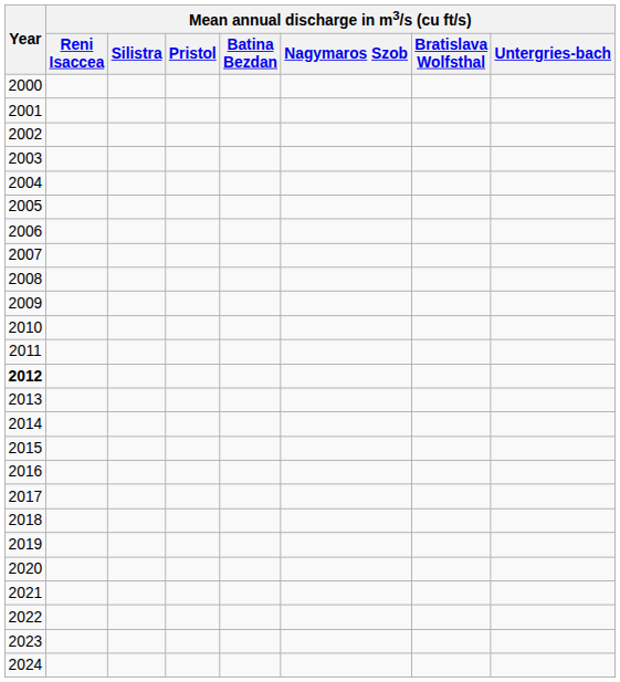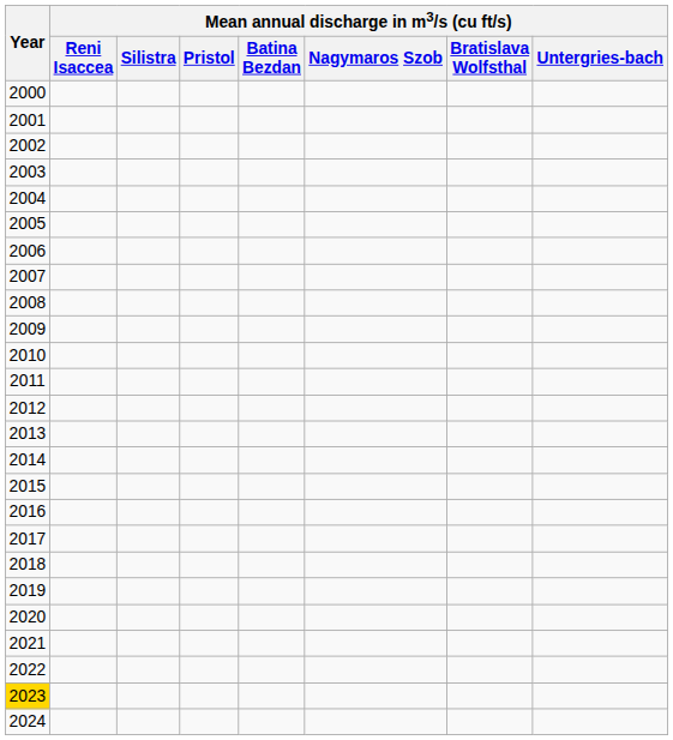 <table class="wikitable" style="text-align:center;">
 <tr>
 <th rowspan="2">Year</th>
 <th colspan="7">Mean annual discharge in m<sup>3</sup>/s (cu ft/s)</th>
 </tr>
 <tr>
 <th><a href='#'>Reni</a><br><a href='#'>Isaccea</a></th>
 <th><a href='#'>Silistra</a></th>
 <th><a href='#'>Pristol</a></th>
 <th><a href='#'>Batina</a><br><a href='#'>Bezdan</a></th>
 <th><a href='#'>Nagymaros</a> <a href='#'>Szob</a></th>
 <th><a href='#'>Bratislava</a><br><a href='#'>Wolfsthal</a></th>
 <th><a href='#'>Untergries-bach</a></th>
 </tr>
 <tr>
 <td>2000</td>
 <td></td>
 <td></td>
 <td></td>
 <td></td>
 <td></td>
 <td></td>
 <td></td>
 </tr>
 <tr>
 <td>2001</td>
 <td></td>
 <td></td>
 <td></td>
 <td></td>
 <td></td>
 <td></td>
 <td></td>
 </tr>
 <tr>
 <td>2002</td>
 <td></td>
 <td></td>
 <td></td>
 <td></td>
 <td></td>
 <td></td>
 <td></td>
 </tr>
 <tr>
 <td>2003</td>
 <td></td>
 <td></td>
 <td></td>
 <td></td>
 <td></td>
 <td></td>
 <td></td>
 </tr>
 <tr>
 <td>2004</td>
 <td></td>
 <td></td>
 <td></td>
 <td></td>
 <td></td>
 <td></td>
 <td></td>
 </tr>
 <tr>
 <td>2005</td>
 <td></td>
 <td></td>
 <td></td>
 <td></td>
 <td></td>
 <td></td>
 <td></td>
 </tr>
 <tr>
 <td>2006</td>
 <td></td>
 <td></td>
 <td></td>
 <td></td>
 <td></td>
 <td></td>
 <td></td>
 </tr>
 <tr>
 <td>2007</td>
 <td></td>
 <td></td>
 <td></td>
 <td></td>
 <td></td>
 <td></td>
 <td></td>
 </tr>
 <tr>
 <td>2008</td>
 <td></td>
 <td></td>
 <td></td>
 <td></td>
 <td></td>
 <td></td>
 <td></td>
 </tr>
 <tr>
 <td>2009</td>
 <td></td>
 <td></td>
 <td></td>
 <td></td>
 <td></td>
 <td></td>
 <td></td>
 </tr>
 <tr>
 <td>2010</td>
 <td></td>
 <td></td>
 <td></td>
 <td></td>
 <td></td>
 <td></td>
 <td></td>
 </tr>
 <tr>
 <td>2011</td>
 <td></td>
 <td></td>
 <td></td>
 <td></td>
 <td></td>
 <td></td>
 <td></td>
 </tr>
 <tr>
-<td><strong>2012</strong></td>
+<td>2012</td>
 <td></td>
 <td></td>
 <td></td>
 <td></td>
 <td></td>
 <td></td>
 <td></td>
 </tr>
 <tr>
 <td>2013</td>
 <td></td>
 <td></td>
 <td></td>
 <td></td>
 <td></td>
 <td></td>
 <td></td>
 </tr>
 <tr>
 <td>2014</td>
 <td></td>
 <td></td>
 <td></td>
 <td></td>
 <td></td>
 <td></td>
 <td></td>
 </tr>
 <tr>
 <td>2015</td>
 <td></td>
 <td></td>
 <td></td>
 <td></td>
 <td></td>
 <td></td>
 <td></td>
 </tr>
 <tr>
 <td>2016</td>
 <td></td>
 <td></td>
 <td></td>
 <td></td>
 <td></td>
 <td></td>
 <td></td>
 </tr>
 <tr>
 <td>2017</td>
 <td></td>
 <td></td>
 <td></td>
 <td></td>
 <td></td>
 <td></td>
 <td></td>
 </tr>
 <tr>
 <td>2018</td>
 <td></td>
 <td></td>
 <td></td>
 <td></td>
 <td></td>
 <td></td>
 <td></td>
 </tr>
 <tr>
 <td>2019</td>
 <td></td>
 <td></td>
 <td></td>
 <td></td>
 <td></td>
 <td></td>
 <td></td>
 </tr>
 <tr>
 <td>2020</td>
 <td></td>
 <td></td>
 <td></td>
 <td></td>
 <td></td>
 <td></td>
 <td></td>
 </tr>
 <tr>
 <td>2021</td>
 <td></td>
 <td></td>
 <td></td>
 <td></td>
 <td></td>
 <td></td>
 <td></td>
 </tr>
 <tr>
 <td>2022</td>
 <td></td>
 <td></td>
 <td></td>
 <td></td>
 <td></td>
 <td></td>
 <td></td>
 </tr>
 <tr>
-<td>2023</td>
+<td style="background: gold;">2023</td>
 <td></td>
 <td></td>
 <td></td>
 <td></td>
 <td></td>
 <td></td>
 <td></td>
 </tr>
 <tr>
 <td>2024</td>
 <td></td>
 <td></td>
 <td></td>
 <td></td>
 <td></td>
 <td></td>
 <td></td>
 </tr>
 </table>
